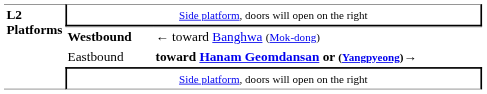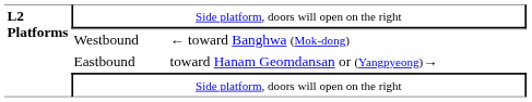 <table table border=0 cellspacing=0 cellpadding=3>
 <tr>
 <td style="border-top:solid 1px gray;border-bottom:solid 1px gray;" width=50 rowspan=10 valign=top><strong>L2<br>Platforms</strong></td>
 <td style="border-top:solid 1px gray;border-right:solid 2px black;border-left:solid 2px black;border-bottom:solid 2px black;text-align:center;" colspan=2><small><a href='#'>Side platform</a>, doors will open on the right</small></td>
 </tr>
 <tr>
-<td style="border-bottom:solid 0px gray;border-top:solid 1px gray;" width=100><strong>Westbound</strong></td>
+<td style="border-bottom:solid 0px gray;border-top:solid 1px gray;" width=100>Westbound</td>
 <td style="border-bottom:solid 0px gray;border-top:solid 1px gray;" width=390>←  toward <a href='#'>Banghwa</a> <small>(<a href='#'>Mok-dong</a>)</small></td>
 </tr>
 <tr>
 <td>Eastbound</td>
-<td><strong>  toward <a href='#'>Hanam Geomdansan</a> or  <small>(<a href='#'>Yangpyeong</a>)</small>→</strong></td>
+<td>  toward <a href='#'>Hanam Geomdansan</a> or  <small>(<a href='#'>Yangpyeong</a>)</small>→</td>
 </tr>
 <tr>
 <td style="border-top:solid 2px black;border-right:solid 2px black;border-left:solid 2px black;border-bottom:solid 1px gray;text-align:center;" colspan=2><small><a href='#'>Side platform</a>, doors will open on the right</small></td>
 </tr>
 </table>
